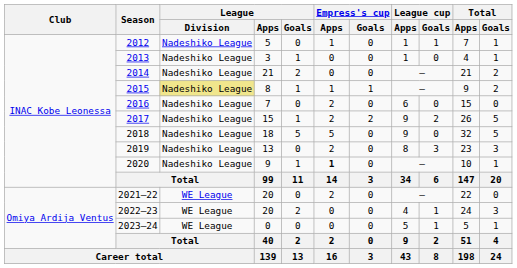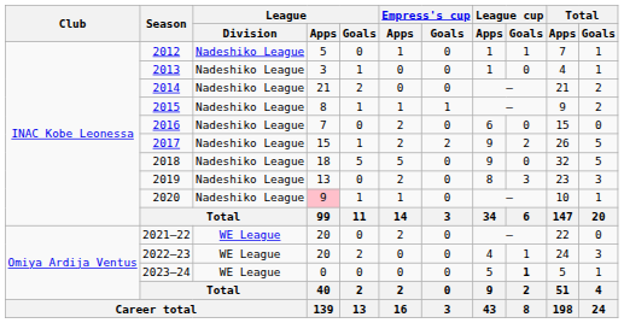 <table class="wikitable" style="text-align:center">
 <tr>
 <th rowspan="2">Club</th>
 <th rowspan="2">Season</th>
 <th colspan="3">League</th>
 <th colspan="2"><a href='#'>Empress's cup</a></th>
 <th colspan="2">League cup </th>
 <th colspan="2">Total</th>
 </tr>
 <tr>
 <th>Division</th>
 <th>Apps</th>
 <th>Goals</th>
 <th>Apps</th>
 <th>Goals</th>
 <th>Apps</th>
 <th>Goals</th>
 <th>Apps</th>
 <th>Goals</th>
 </tr>
 <tr>
 <td rowspan="10"><a href='#'>INAC Kobe Leonessa</a></td>
 <td><a href='#'>2012</a></td>
 <td><a href='#'>Nadeshiko League</a></td>
 <td>5</td>
 <td>0</td>
 <td>1</td>
 <td>0</td>
 <td>1</td>
 <td>1</td>
 <td>7</td>
 <td>1</td>
 </tr>
 <tr>
 <td><a href='#'>2013</a></td>
 <td>Nadeshiko League</td>
 <td>3</td>
 <td>1</td>
 <td>0</td>
 <td>0</td>
 <td>1</td>
 <td>0</td>
 <td>4</td>
 <td>1</td>
 </tr>
 <tr>
 <td><a href='#'>2014</a></td>
 <td>Nadeshiko League</td>
 <td>21</td>
 <td>2</td>
 <td>0</td>
 <td>0</td>
 <td colspan="2">—</td>
 <td>21</td>
 <td>2</td>
 </tr>
 <tr>
 <td><a href='#'>2015</a></td>
-<td style="background: khaki;">Nadeshiko League</td>
+<td>Nadeshiko League</td>
 <td>8</td>
 <td>1</td>
 <td>1</td>
 <td>1</td>
 <td colspan="2">—</td>
 <td>9</td>
 <td>2</td>
 </tr>
 <tr>
 <td><a href='#'>2016</a></td>
 <td>Nadeshiko League</td>
 <td>7</td>
 <td>0</td>
 <td>2</td>
 <td>0</td>
 <td>6</td>
 <td>0</td>
 <td>15</td>
 <td>0</td>
 </tr>
 <tr>
 <td><a href='#'>2017</a></td>
 <td>Nadeshiko League</td>
 <td>15</td>
 <td>1</td>
 <td>2</td>
 <td>2</td>
 <td>9</td>
 <td>2</td>
 <td>26</td>
 <td>5</td>
 </tr>
 <tr>
 <td>2018</td>
 <td>Nadeshiko League</td>
 <td>18</td>
 <td>5</td>
 <td>5</td>
 <td>0</td>
 <td>9</td>
 <td>0</td>
 <td>32</td>
 <td>5</td>
 </tr>
 <tr>
 <td>2019</td>
 <td>Nadeshiko League</td>
 <td>13</td>
 <td>0</td>
 <td>2</td>
 <td>0</td>
 <td>8</td>
 <td>3</td>
 <td>23</td>
 <td>3</td>
 </tr>
 <tr>
 <td>2020</td>
 <td>Nadeshiko League</td>
-<td>9</td>
+<td style="background: pink;">9</td>
 <td>1</td>
-<td><strong>1</strong></td>
+<td>1</td>
 <td>0</td>
 <td colspan="2">—</td>
 <td>10</td>
 <td>1</td>
 </tr>
 <tr>
 <th colspan="2">Total</th>
 <th>99</th>
 <th>11</th>
 <th>14</th>
 <th>3</th>
 <th>34</th>
 <th>6</th>
 <th>147</th>
 <th>20</th>
 </tr>
 <tr>
 <td rowspan="4"><a href='#'>Omiya Ardija Ventus</a></td>
 <td>2021–22</td>
 <td><a href='#'>WE League</a></td>
 <td>20</td>
 <td>0</td>
 <td>2</td>
 <td>0</td>
 <td colspan="2">—</td>
 <td>22</td>
 <td>0</td>
 </tr>
 <tr>
 <td>2022–23</td>
 <td>WE League</td>
 <td>20</td>
 <td>2</td>
 <td>0</td>
 <td>0</td>
 <td>4</td>
 <td>1</td>
 <td>24</td>
 <td>3</td>
 </tr>
 <tr>
 <td>2023–24</td>
 <td>WE League</td>
 <td>0</td>
 <td>0</td>
 <td>0</td>
 <td>0</td>
 <td>5</td>
-<td>1</td>
+<td><strong>1</strong></td>
 <td>5</td>
 <td>1</td>
 </tr>
 <tr>
 <th colspan="2">Total</th>
 <th>40</th>
 <th>2</th>
 <th>2</th>
 <th>0</th>
 <th>9</th>
 <th>2</th>
 <th>51</th>
 <th>4</th>
 </tr>
 <tr>
 <th colspan="3">Career total</th>
 <th>139</th>
 <th>13</th>
 <th>16</th>
 <th>3</th>
 <th>43</th>
 <th>8</th>
 <th>198</th>
 <th>24</th>
 </tr>
 </table>
